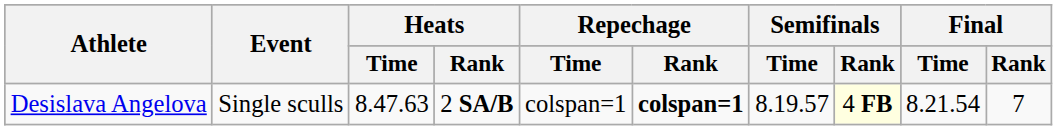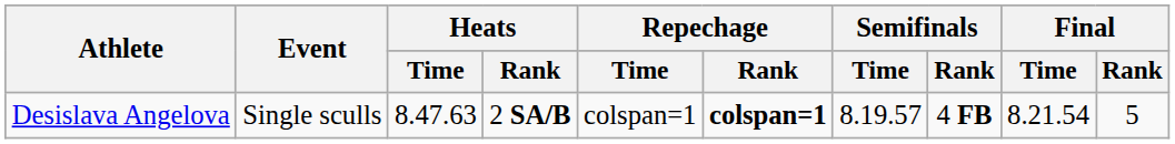 <table class="wikitable" style="font-size:90%">
 <tr>
 <th rowspan="2">Athlete</th>
 <th rowspan="2">Event</th>
 <th colspan="2">Heats</th>
 <th colspan="2">Repechage</th>
 <th colspan="2">Semifinals</th>
 <th colspan="2">Final</th>
 </tr>
 <tr style="font-size:95%">
 <th>Time</th>
 <th>Rank</th>
 <th>Time</th>
 <th>Rank</th>
 <th>Time</th>
 <th>Rank</th>
 <th>Time</th>
 <th>Rank</th>
 </tr>
 <tr align=center>
 <td align=left><a href='#'>Desislava Angelova</a></td>
 <td align=left>Single sculls</td>
 <td>8.47.63</td>
 <td>2 <strong>SA/B</strong></td>
 <td>colspan=1</td>
 <td><strong>colspan=1</strong></td>
 <td>8.19.57</td>
-<td style="background: lightyellow;">4 <strong>FB</strong></td>
+<td>4 <strong>FB</strong></td>
 <td>8.21.54</td>
-<td>7</td>
+<td>5</td>
 </tr>
 </table>
